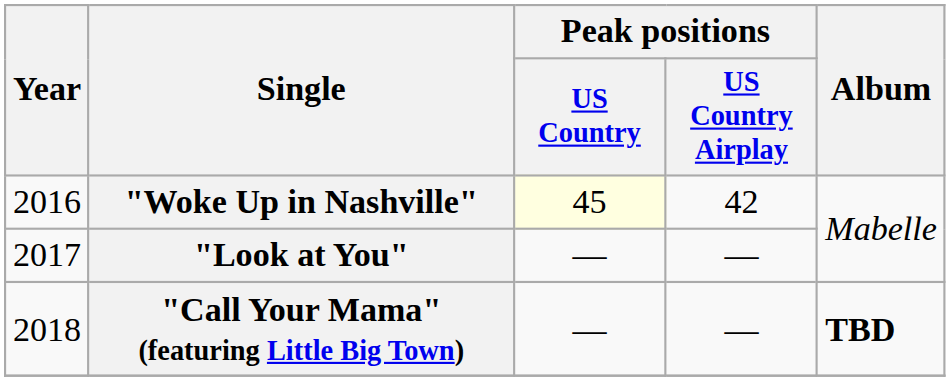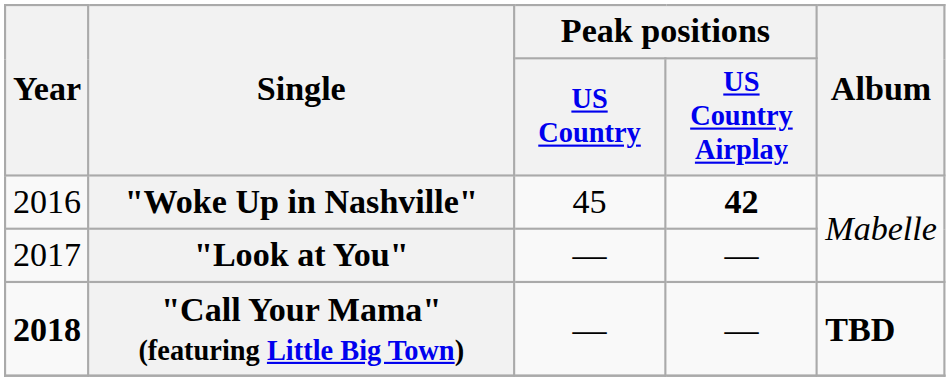 <table class="wikitable plainrowheaders" style="text-align:center;">
 <tr>
 <th rowspan="2">Year</th>
 <th rowspan="2" style="width:12em;">Single</th>
 <th colspan="2">Peak positions</th>
 <th rowspan="2">Album</th>
 </tr>
 <tr style="font-size:smaller;">
 <th width="65"><a href='#'>US<br> Country</a></th>
 <th width="65"><a href='#'>US<br> Country<br> Airplay</a></th>
 </tr>
 <tr>
 <td>2016</td>
 <th scope="row">"Woke Up in Nashville"</th>
-<td style="background: lightyellow;">45</td>
-<td>42</td>
+<td>45</td>
+<td><strong>42</strong></td>
 <td align="left" rowspan="2"><em>Mabelle</em></td>
 </tr>
 <tr>
 <td>2017</td>
 <th scope="row">"Look at You"</th>
 <td>—</td>
 <td>—</td>
 </tr>
 <tr>
-<td>2018</td>
+<td><strong>2018</strong></td>
 <th scope="row">"Call Your Mama"<br><small>(featuring <a href='#'>Little Big Town</a>)</small></th>
 <td>—</td>
 <td>—</td>
 <td align="left"><strong>TBD</strong></td>
 </tr>
 <tr>
 </tr>
 </table>
